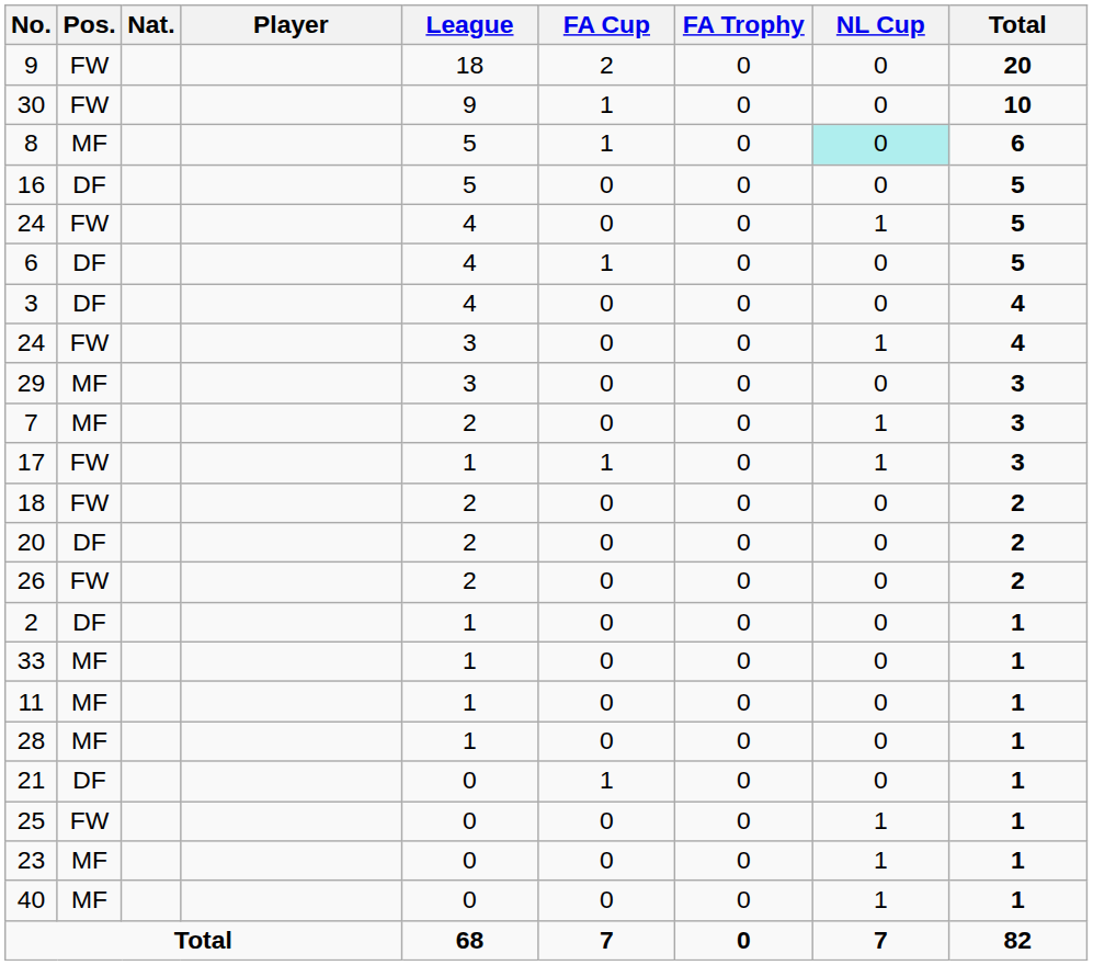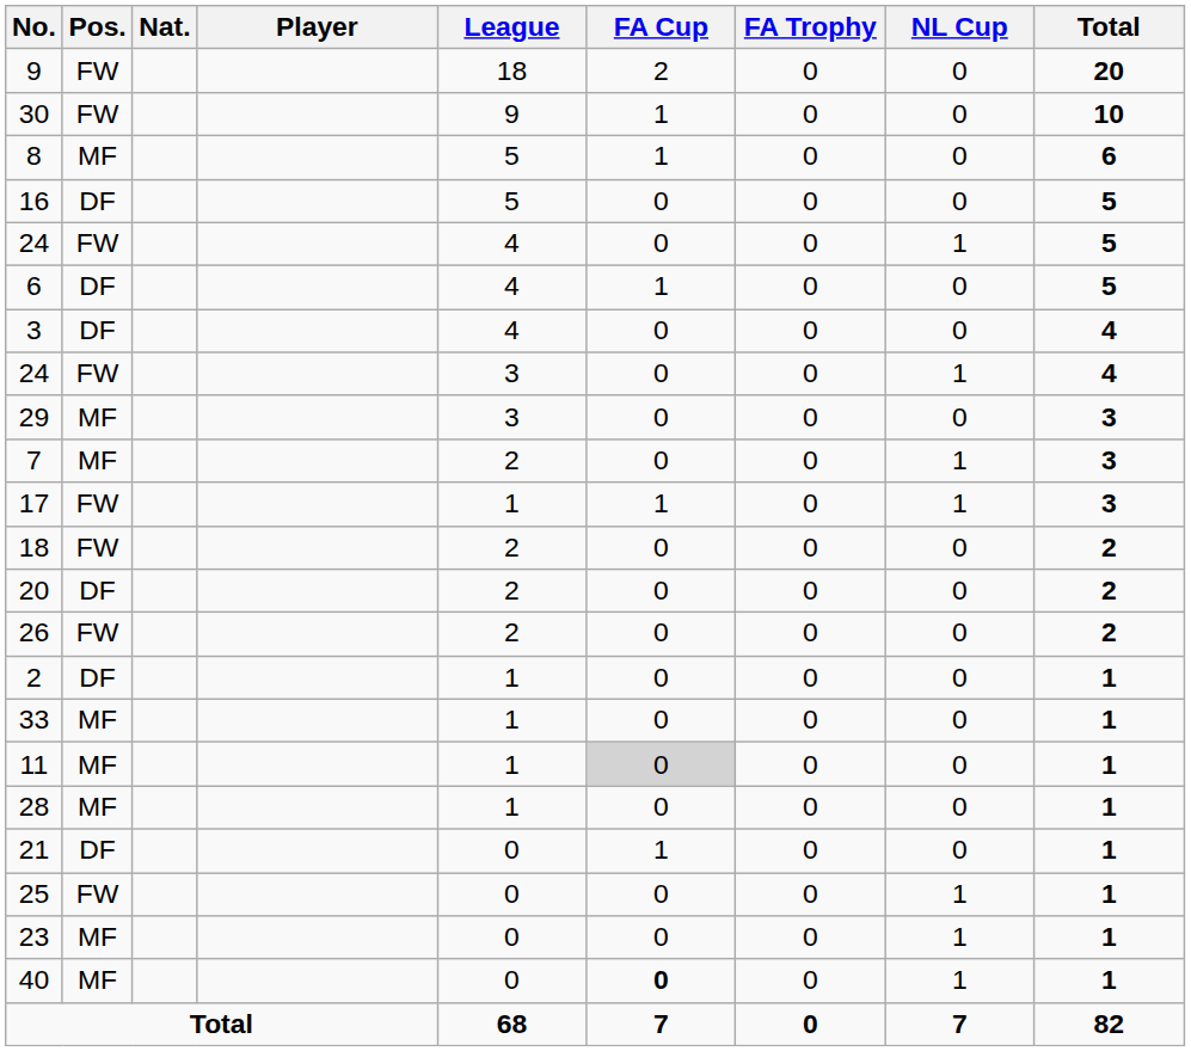 <table class="wikitable sortable" style="text-align:center">
 <tr>
 <th style="text-align:center; width: 10pt;">No.</th>
 <th style="text-align:center; width: 10pt;">Pos.</th>
 <th style="text-align:center; width: 10pt;">Nat.</th>
 <th style="text-align:center; width: 100pt;">Player</th>
 <th style="text-align:center; width: 60pt;"><a href='#'>League</a></th>
 <th style="text-align:center; width: 60pt;"><a href='#'>FA Cup</a></th>
 <th style="text-align:center; width: 60pt;"><a href='#'>FA Trophy</a></th>
 <th style="text-align:center; width: 60pt;"><a href='#'>NL Cup</a></th>
 <th style="text-align:center; width: 60pt;">Total</th>
 </tr>
 <tr>
 <td>9</td>
 <td>FW</td>
 <td></td>
 <td align=left></td>
 <td>18</td>
 <td>2</td>
 <td>0</td>
 <td>0</td>
 <td><strong>20</strong></td>
 </tr>
 <tr>
 <td>30</td>
 <td>FW</td>
 <td></td>
 <td align=left></td>
 <td>9</td>
 <td>1</td>
 <td>0</td>
 <td>0</td>
 <td><strong>10</strong></td>
 </tr>
 <tr>
 <td>8</td>
 <td>MF</td>
 <td></td>
 <td align=left></td>
 <td>5</td>
 <td>1</td>
 <td>0</td>
-<td style="background: paleturquoise;">0</td>
+<td>0</td>
 <td><strong>6</strong></td>
 </tr>
 <tr>
 <td>16</td>
 <td>DF</td>
 <td></td>
 <td align=left></td>
 <td>5</td>
 <td>0</td>
 <td>0</td>
 <td>0</td>
 <td><strong>5</strong></td>
 </tr>
 <tr>
 <td>24</td>
 <td>FW</td>
 <td></td>
 <td align=left></td>
 <td>4</td>
 <td>0</td>
 <td>0</td>
 <td>1</td>
 <td><strong>5</strong></td>
 </tr>
 <tr>
 <td>6</td>
 <td>DF</td>
 <td></td>
 <td align=left></td>
 <td>4</td>
 <td>1</td>
 <td>0</td>
 <td>0</td>
 <td><strong>5</strong></td>
 </tr>
 <tr>
 <td>3</td>
 <td>DF</td>
 <td></td>
 <td align=left></td>
 <td>4</td>
 <td>0</td>
 <td>0</td>
 <td>0</td>
 <td><strong>4</strong></td>
 </tr>
 <tr>
 <td>24</td>
 <td>FW</td>
 <td></td>
 <td align=left></td>
 <td>3</td>
 <td>0</td>
 <td>0</td>
 <td>1</td>
 <td><strong>4</strong></td>
 </tr>
 <tr>
 <td>29</td>
 <td>MF</td>
 <td></td>
 <td align=left></td>
 <td>3</td>
 <td>0</td>
 <td>0</td>
 <td>0</td>
 <td><strong>3</strong></td>
 </tr>
 <tr>
 <td>7</td>
 <td>MF</td>
 <td></td>
 <td align=left></td>
 <td>2</td>
 <td>0</td>
 <td>0</td>
 <td>1</td>
 <td><strong>3</strong></td>
 </tr>
 <tr>
 <td>17</td>
 <td>FW</td>
 <td></td>
 <td align=left></td>
 <td>1</td>
 <td>1</td>
 <td>0</td>
 <td>1</td>
 <td><strong>3</strong></td>
 </tr>
 <tr>
 <td>18</td>
 <td>FW</td>
 <td></td>
 <td align=left></td>
 <td>2</td>
 <td>0</td>
 <td>0</td>
 <td>0</td>
 <td><strong>2</strong></td>
 </tr>
 <tr>
 <td>20</td>
 <td>DF</td>
 <td></td>
 <td align=left></td>
 <td>2</td>
 <td>0</td>
 <td>0</td>
 <td>0</td>
 <td><strong>2</strong></td>
 </tr>
 <tr>
 <td>26</td>
 <td>FW</td>
 <td></td>
 <td align=left></td>
 <td>2</td>
 <td>0</td>
 <td>0</td>
 <td>0</td>
 <td><strong>2</strong></td>
 </tr>
 <tr>
 <td>2</td>
 <td>DF</td>
 <td></td>
 <td align=left></td>
 <td>1</td>
 <td>0</td>
 <td>0</td>
 <td>0</td>
 <td><strong>1</strong></td>
 </tr>
 <tr>
 <td>33</td>
 <td>MF</td>
 <td></td>
 <td align=left></td>
 <td>1</td>
 <td>0</td>
 <td>0</td>
 <td>0</td>
 <td><strong>1</strong></td>
 </tr>
 <tr>
 <td>11</td>
 <td>MF</td>
 <td></td>
 <td align=left></td>
 <td>1</td>
-<td>0</td>
+<td style="background: lightgrey;">0</td>
 <td>0</td>
 <td>0</td>
 <td><strong>1</strong></td>
 </tr>
 <tr>
 <td>28</td>
 <td>MF</td>
 <td></td>
 <td align=left></td>
 <td>1</td>
 <td>0</td>
 <td>0</td>
 <td>0</td>
 <td><strong>1</strong></td>
 </tr>
 <tr>
 <td>21</td>
 <td>DF</td>
 <td></td>
 <td align=left></td>
 <td>0</td>
 <td>1</td>
 <td>0</td>
 <td>0</td>
 <td><strong>1</strong></td>
 </tr>
 <tr>
 <td>25</td>
 <td>FW</td>
 <td></td>
 <td align=left></td>
 <td>0</td>
 <td>0</td>
 <td>0</td>
 <td>1</td>
 <td><strong>1</strong></td>
 </tr>
 <tr>
 <td>23</td>
 <td>MF</td>
 <td></td>
 <td align=left></td>
 <td>0</td>
 <td>0</td>
 <td>0</td>
 <td>1</td>
 <td><strong>1</strong></td>
 </tr>
 <tr>
 <td>40</td>
 <td>MF</td>
 <td></td>
 <td align=left></td>
 <td>0</td>
-<td>0</td>
+<td><strong>0</strong></td>
 <td>0</td>
 <td>1</td>
 <td><strong>1</strong></td>
 </tr>
 <tr class="sortbottom">
 <td colspan=4><strong>Total</strong></td>
 <td colspan=1><strong>68</strong></td>
 <td colspan=1><strong>7</strong></td>
 <td colspan=1><strong>0</strong></td>
 <td colspan=1><strong>7</strong></td>
 <td colspan=1><strong>82</strong></td>
 </tr>
 </table>
